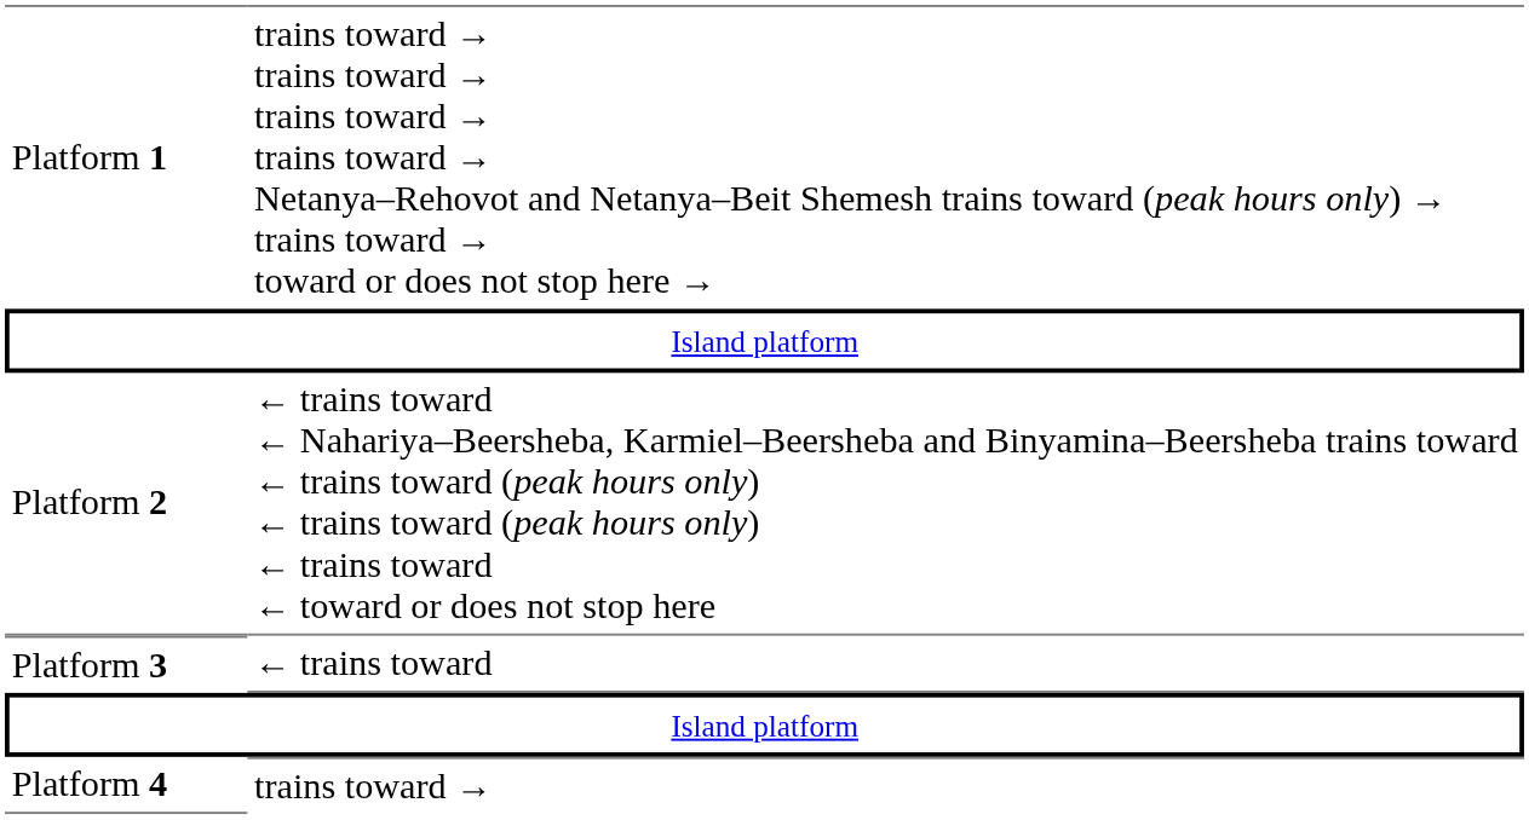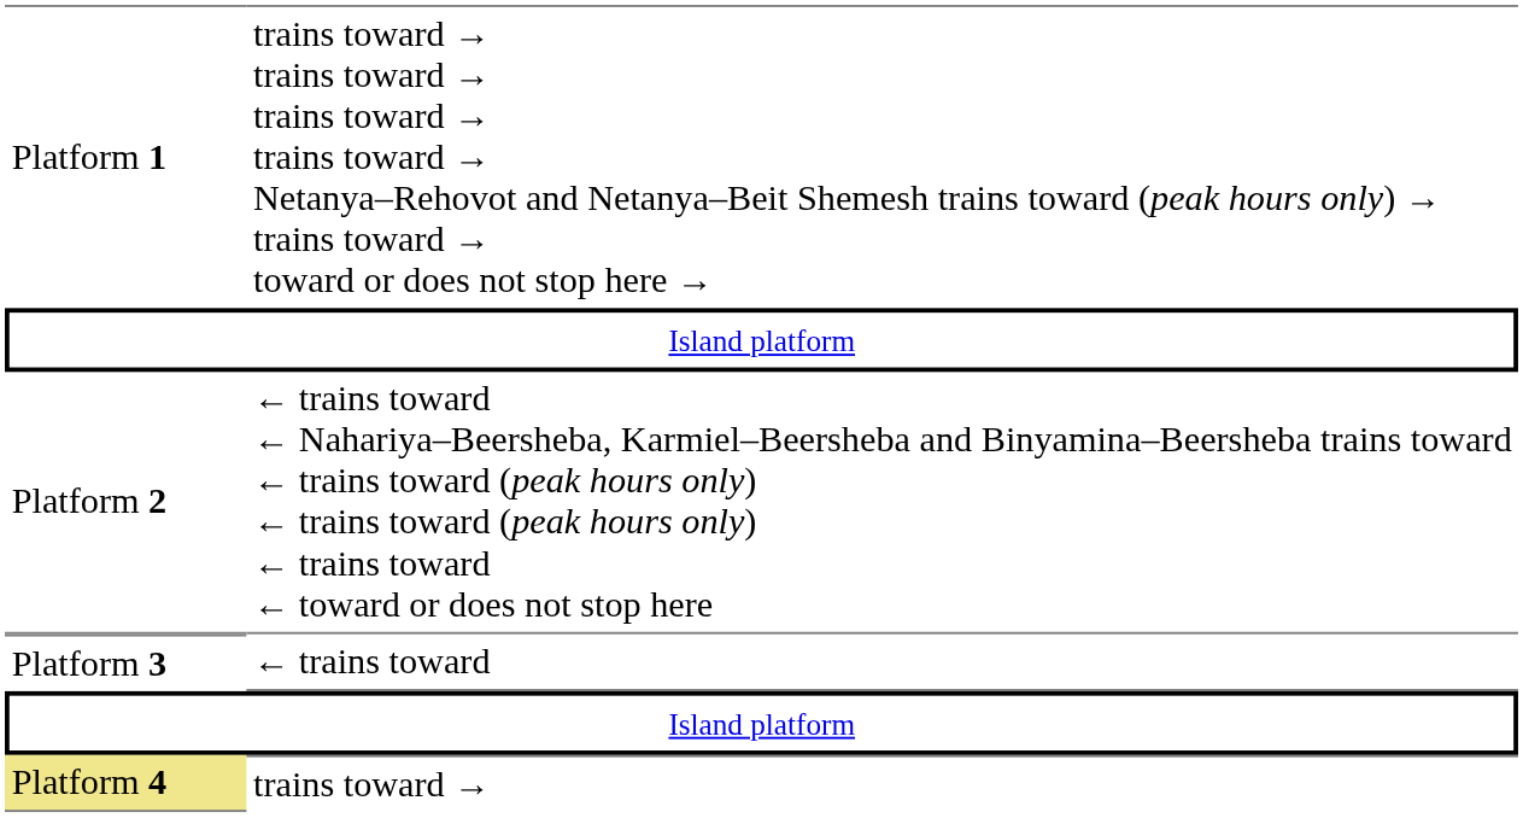 <table border=0 cellspacing=0 cellpadding=3>
 <tr>
 <td style="border-top:solid 1px gray;" width=100>Platform <strong>1</strong></td>
 <td style="border-top:solid 1px gray;">  trains toward   →<br>  trains toward   →<br>  trains toward   →<br>  trains toward   →<br>   Netanya–Rehovot and Netanya–Beit Shemesh trains toward   (<em>peak hours only</em>) →<br>  trains toward   →<br>  toward  or  does not stop here →</td>
 </tr>
 <tr>
 <td style="border-top:solid 2px black;border-right:solid 2px black;border-left:solid 2px black;border-bottom:solid 2px black;text-align:center;" colspan=2><small><a href='#'>Island platform</a></small></td>
 </tr>
 <tr>
 <td style="border-bottom:solid 1px gray;">Platform <strong>2</strong></td>
 <td style="border-bottom:solid 1px gray;">←  trains toward  <br>←    Nahariya–Beersheba, Karmiel–Beersheba and Binyamina–Beersheba trains toward  <br>←  trains toward   (<em>peak hours only</em>)<br>←  trains toward   (<em>peak hours only</em>)<br>←  trains toward  <br>←  toward  or  does not stop here</td>
 </tr>
 <tr>
 <td style="border-top:solid 1px gray;">Platform <strong>3</strong></td>
 <td style="border-bottom:solid 1px gray;">←  trains toward  </td>
 </tr>
 <tr>
 <td style="border-top:solid 2px black;border-right:solid 2px black;border-left:solid 2px black;border-bottom:solid 2px black;text-align:center;" colspan=2><small><a href='#'>Island platform</a></small></td>
 </tr>
 <tr>
-<td style="border-bottom:solid 1px gray;">Platform <strong>4</strong></td>
+<td style="background: khaki; border-bottom:solid 1px gray;">Platform <strong>4</strong></td>
 <td style="border-top:solid 1px gray;">  trains toward   →</td>
 </tr>
 </table>
